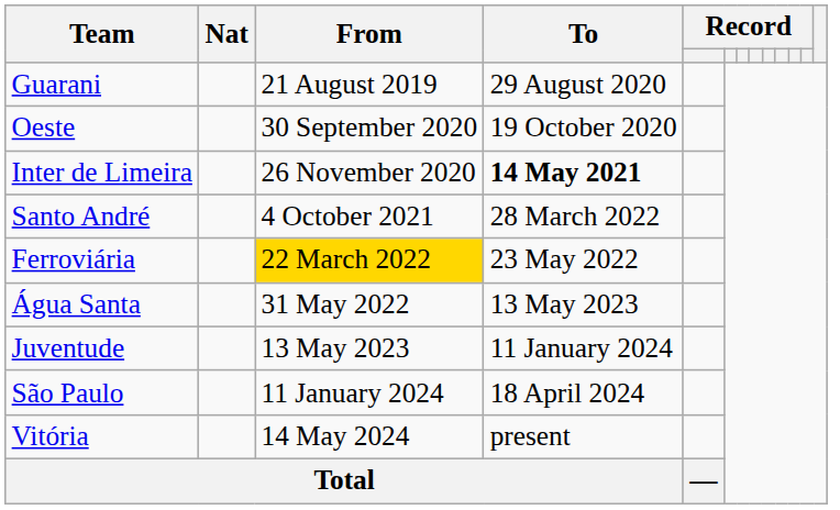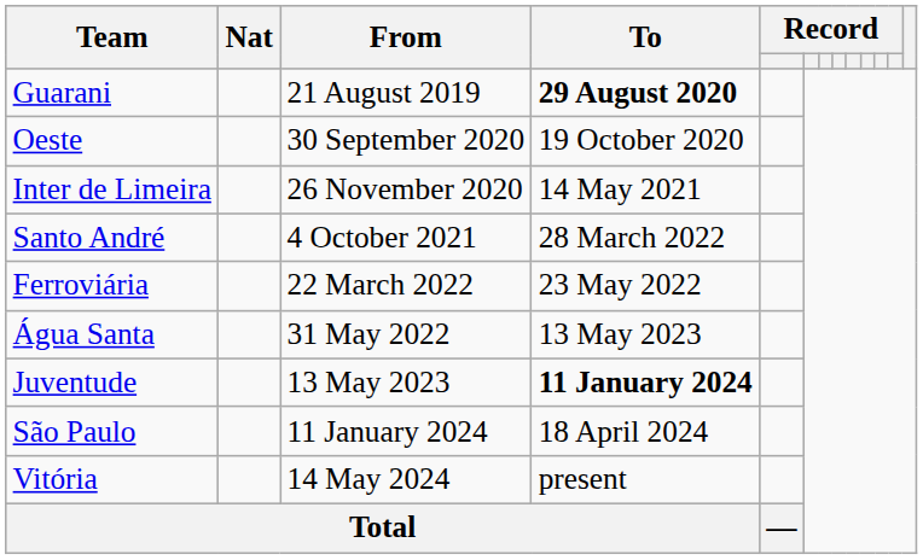 <table class="wikitable" style="text-align: center">
 <tr>
 <th rowspan="2">Team</th>
 <th rowspan="2">Nat</th>
 <th rowspan="2">From</th>
 <th rowspan="2">To</th>
 <th colspan="8">Record</th>
 <th rowspan=2></th>
 </tr>
 <tr>
 <th></th>
 <th></th>
 <th></th>
 <th></th>
 <th></th>
 <th></th>
 <th></th>
 <th></th>
 </tr>
 <tr>
 <td align=left><a href='#'>Guarani</a></td>
 <td></td>
 <td align=left>21 August 2019</td>
-<td align=left>29 August 2020<br></td>
+<td align=left><strong>29 August 2020<br></strong></td>
 <td></td>
 </tr>
 <tr>
 <td align=left><a href='#'>Oeste</a></td>
 <td></td>
 <td align=left>30 September 2020</td>
 <td align=left>19 October 2020<br></td>
 <td></td>
 </tr>
 <tr>
 <td align=left><a href='#'>Inter de Limeira</a></td>
 <td></td>
 <td align=left>26 November 2020</td>
-<td align=left><strong>14 May 2021<br></strong></td>
+<td align=left>14 May 2021<br></td>
 <td></td>
 </tr>
 <tr>
 <td align=left><a href='#'>Santo André</a></td>
 <td></td>
 <td align=left>4 October 2021</td>
 <td align=left>28 March 2022<br></td>
 <td></td>
 </tr>
 <tr>
 <td align=left><a href='#'>Ferroviária</a></td>
 <td></td>
-<td align=left style="background: gold;">22 March 2022</td>
+<td align=left>22 March 2022</td>
 <td align=left>23 May 2022<br></td>
 <td></td>
 </tr>
 <tr>
 <td align=left><a href='#'>Água Santa</a></td>
 <td></td>
 <td align=left>31 May 2022</td>
 <td align=left>13 May 2023<br></td>
 <td></td>
 </tr>
 <tr>
 <td align=left><a href='#'>Juventude</a></td>
 <td></td>
 <td align=left>13 May 2023</td>
-<td align=left>11 January 2024<br></td>
+<td align=left><strong>11 January 2024<br></strong></td>
 <td></td>
 </tr>
 <tr>
 <td align=left><a href='#'>São Paulo</a></td>
 <td></td>
 <td align=left>11 January 2024</td>
 <td align=left>18 April 2024<br></td>
 <td></td>
 </tr>
 <tr>
 <td align=left><a href='#'>Vitória</a></td>
 <td></td>
 <td align=left>14 May 2024</td>
 <td align=left>present<br></td>
 <td></td>
 </tr>
 <tr>
 <th colspan="4">Total<br></th>
 <th>—</th>
 </tr>
 </table>
